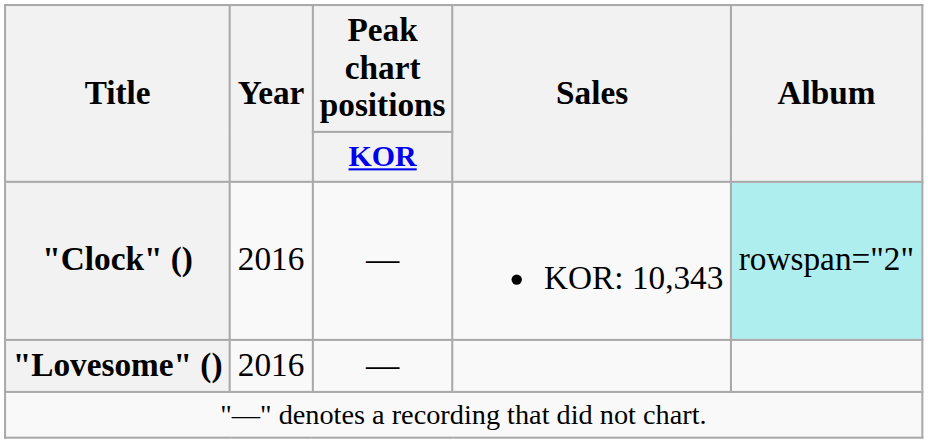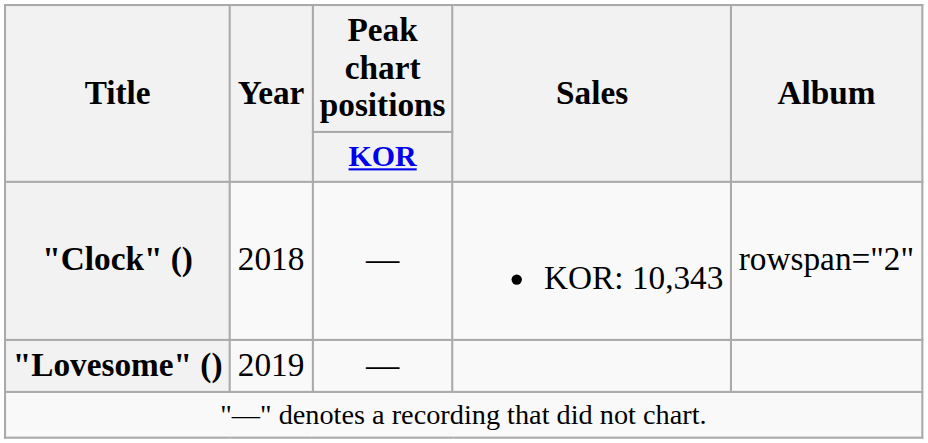 <table class="wikitable plainrowheaders" style="text-align:center">
 <tr>
 <th scope="col" rowspan="2">Title</th>
 <th scope="col" rowspan="2">Year</th>
 <th scope="col">Peak chart positions</th>
 <th scope="col" rowspan="2">Sales</th>
 <th scope="col" rowspan="2">Album</th>
 </tr>
 <tr>
 <th scope="col" style="width:3em;font-size:90%"><a href='#'>KOR</a></th>
 </tr>
 <tr>
 <th scope="row">"Clock" ()<br></th>
-<td>2016</td>
+<td>2018</td>
 <td>—</td>
 <td><br><ul><li>KOR: 10,343</li></ul></td>
-<td style="background: paleturquoise;">rowspan="2" </td>
+<td>rowspan="2" </td>
 </tr>
 <tr>
 <th scope="row">"Lovesome" ()<br></th>
-<td>2016</td>
+<td>2019</td>
 <td>—</td>
 <td></td>
 </tr>
 <tr>
 <td colspan="5" style="font-size:85%">"—" denotes a recording that did not chart.</td>
 </tr>
 </table>
